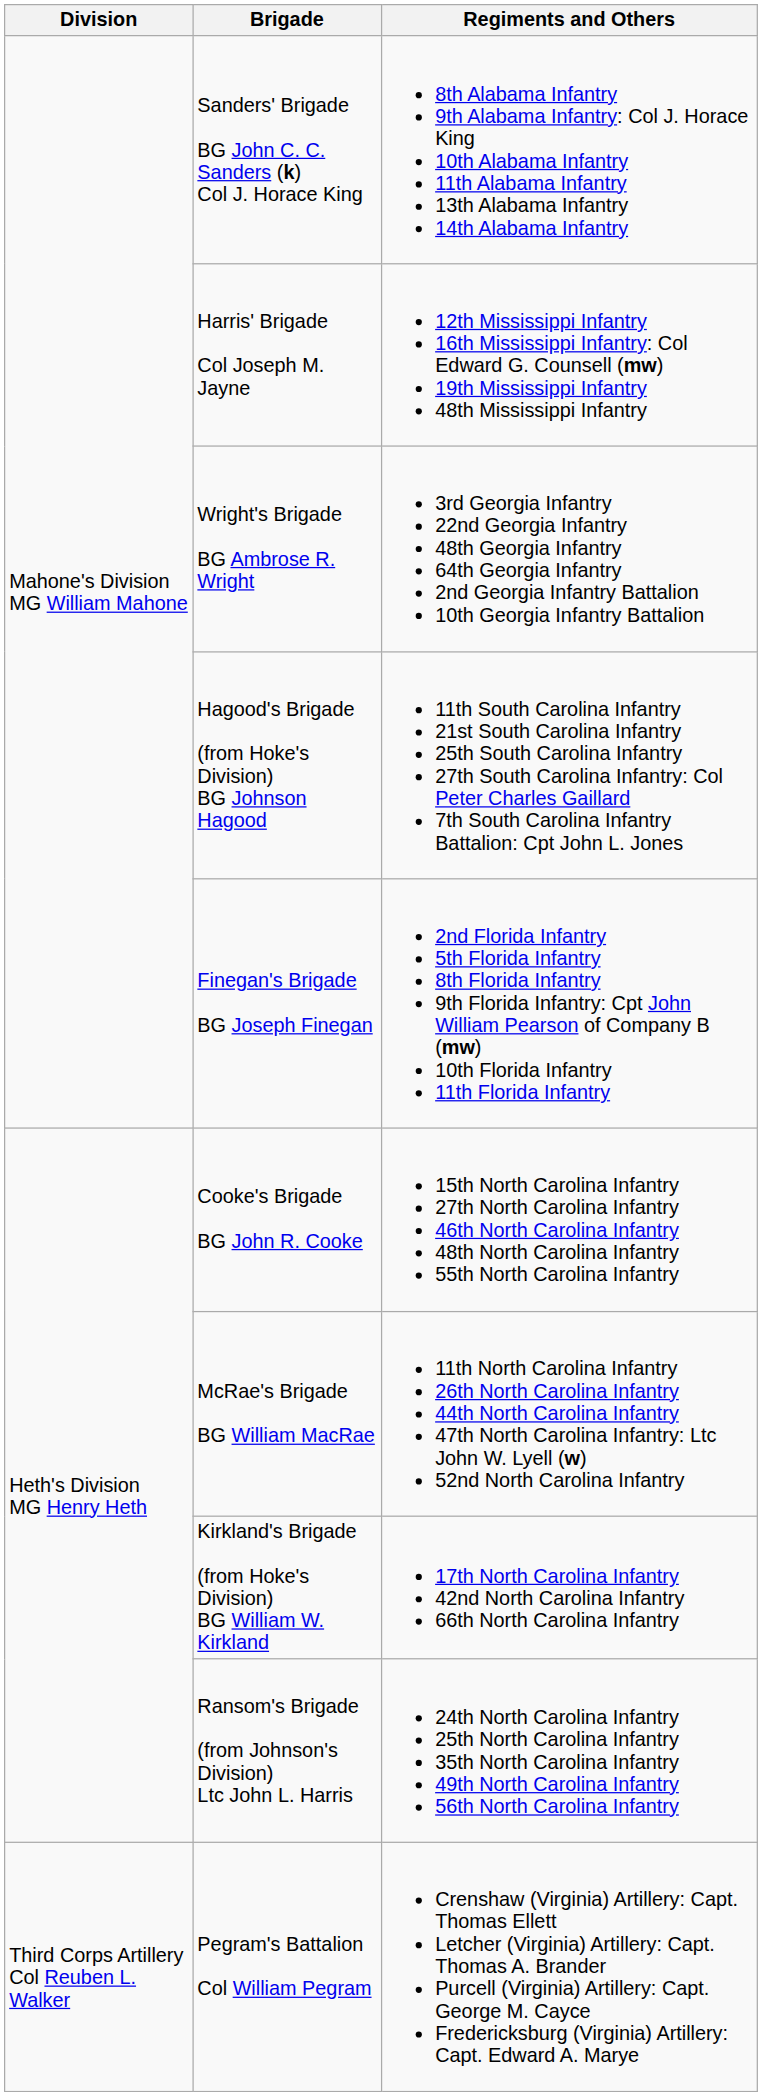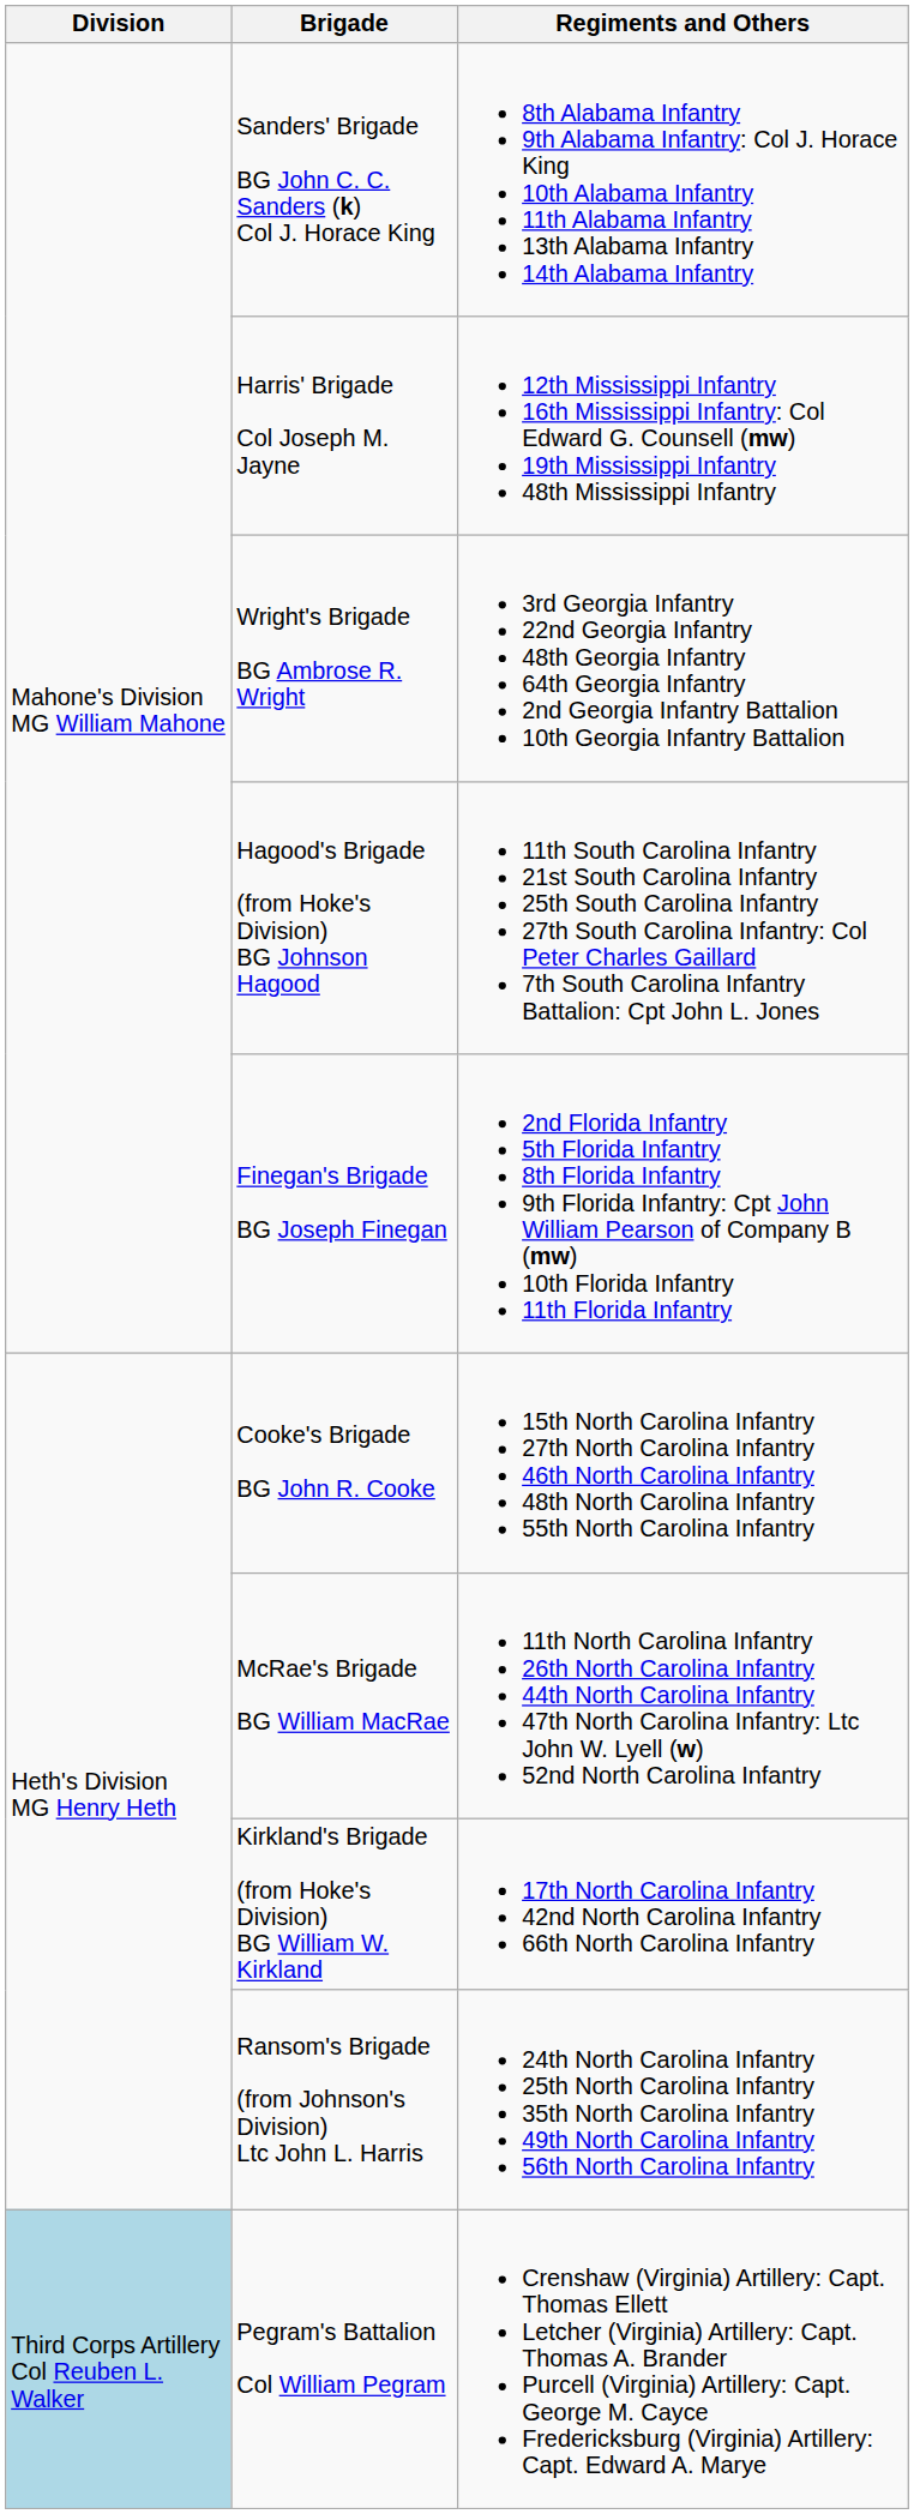 <table class="wikitable">
 <tr>
 <th style="width:25%;">Division</th>
 <th style="width:25%;">Brigade</th>
 <th>Regiments and Others</th>
 </tr>
 <tr>
 <td rowspan=5><br>Mahone's Division <br> MG <a href='#'>William Mahone</a></td>
 <td>Sanders' Brigade<br><br> BG <a href='#'>John C. C. Sanders</a> (<strong>k</strong>) <br> Col J. Horace King</td>
 <td><br><ul><li><a href='#'>8th Alabama Infantry</a></li><li><a href='#'>9th Alabama Infantry</a>: Col J. Horace King</li><li><a href='#'>10th Alabama Infantry</a></li><li><a href='#'>11th Alabama Infantry</a></li><li>13th Alabama Infantry</li><li><a href='#'>14th Alabama Infantry</a></li></ul></td>
 </tr>
 <tr>
 <td>Harris' Brigade<br><br> Col Joseph M. Jayne</td>
 <td><br><ul><li><a href='#'>12th Mississippi Infantry</a></li><li><a href='#'>16th Mississippi Infantry</a>: Col Edward G. Counsell (<strong>mw</strong>)</li><li><a href='#'>19th Mississippi Infantry</a></li><li>48th Mississippi Infantry</li></ul></td>
 </tr>
 <tr>
 <td>Wright's Brigade<br><br> BG <a href='#'>Ambrose R. Wright</a></td>
 <td><br><ul><li>3rd Georgia Infantry</li><li>22nd Georgia Infantry</li><li>48th Georgia Infantry</li><li>64th Georgia Infantry</li><li>2nd Georgia Infantry Battalion</li><li>10th Georgia Infantry Battalion</li></ul></td>
 </tr>
 <tr>
 <td>Hagood's Brigade<br><br>(from Hoke's Division) <br> BG <a href='#'>Johnson Hagood</a></td>
 <td><br><ul><li>11th South Carolina Infantry</li><li>21st South Carolina Infantry</li><li>25th South Carolina Infantry</li><li>27th South Carolina Infantry: Col <a href='#'>Peter Charles Gaillard</a></li><li>7th South Carolina Infantry Battalion: Cpt John L. Jones</li></ul></td>
 </tr>
 <tr>
 <td><a href='#'>Finegan's Brigade</a><br><br> BG <a href='#'>Joseph Finegan</a></td>
 <td><br><ul><li><a href='#'>2nd Florida Infantry</a></li><li><a href='#'>5th Florida Infantry</a></li><li><a href='#'>8th Florida Infantry</a></li><li>9th Florida Infantry: Cpt <a href='#'>John William Pearson</a> of Company B (<strong>mw</strong>)</li><li>10th Florida Infantry</li><li><a href='#'>11th Florida Infantry</a></li></ul></td>
 </tr>
 <tr>
 <td rowspan=4><br>Heth's Division <br> MG <a href='#'>Henry Heth</a></td>
 <td>Cooke's Brigade<br><br> BG <a href='#'>John R. Cooke</a></td>
 <td><br><ul><li>15th North Carolina Infantry</li><li>27th North Carolina Infantry</li><li><a href='#'>46th North Carolina Infantry</a></li><li>48th North Carolina Infantry</li><li>55th North Carolina Infantry</li></ul></td>
 </tr>
 <tr>
 <td>McRae's Brigade<br><br> BG <a href='#'>William MacRae</a></td>
 <td><br><ul><li>11th North Carolina Infantry</li><li><a href='#'>26th North Carolina Infantry</a></li><li><a href='#'>44th North Carolina Infantry</a></li><li>47th North Carolina Infantry: Ltc John W. Lyell (<strong>w</strong>)</li><li>52nd North Carolina Infantry</li></ul></td>
 </tr>
 <tr>
 <td>Kirkland's Brigade<br><br>(from Hoke's Division) <br> BG <a href='#'>William W. Kirkland</a></td>
 <td><br><ul><li><a href='#'>17th North Carolina Infantry</a></li><li>42nd North Carolina Infantry</li><li>66th North Carolina Infantry</li></ul></td>
 </tr>
 <tr>
 <td>Ransom's Brigade<br><br>(from Johnson's Division) <br> Ltc John L. Harris</td>
 <td><br><ul><li>24th North Carolina Infantry</li><li>25th North Carolina Infantry</li><li>35th North Carolina Infantry</li><li><a href='#'>49th North Carolina Infantry</a></li><li><a href='#'>56th North Carolina Infantry</a></li></ul></td>
 </tr>
 <tr>
-<td rowspan=1><br>Third Corps Artillery <br> Col <a href='#'>Reuben L. Walker</a></td>
+<td rowspan=1 style="background: lightblue;"><br>Third Corps Artillery <br> Col <a href='#'>Reuben L. Walker</a></td>
 <td>Pegram's Battalion<br><br> Col <a href='#'>William Pegram</a></td>
 <td><br><ul><li>Crenshaw (Virginia) Artillery: Capt. Thomas Ellett</li><li>Letcher (Virginia) Artillery: Capt. Thomas A. Brander</li><li>Purcell (Virginia) Artillery: Capt. George M. Cayce</li><li>Fredericksburg (Virginia) Artillery: Capt. Edward A. Marye</li></ul></td>
 </tr>
 </table>
